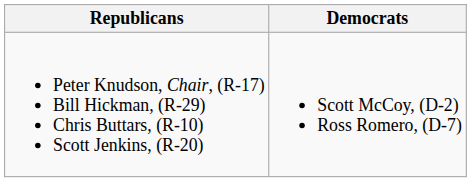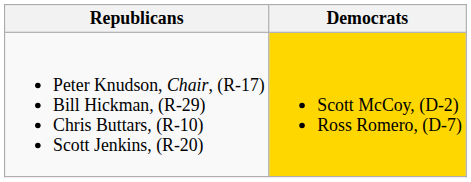 <table class=wikitable>
 <tr>
 <th>Republicans</th>
 <th>Democrats</th>
 </tr>
 <tr>
 <td><br><ul><li>Peter Knudson, <em>Chair</em>, (R-17)</li><li>Bill Hickman, (R-29)</li><li>Chris Buttars, (R-10)</li><li>Scott Jenkins, (R-20)</li></ul></td>
-<td><br><ul><li>Scott McCoy, (D-2)</li><li>Ross Romero, (D-7)</li></ul></td>
+<td style="background: gold;"><br><ul><li>Scott McCoy, (D-2)</li><li>Ross Romero, (D-7)</li></ul></td>
 </tr>
 </table>
